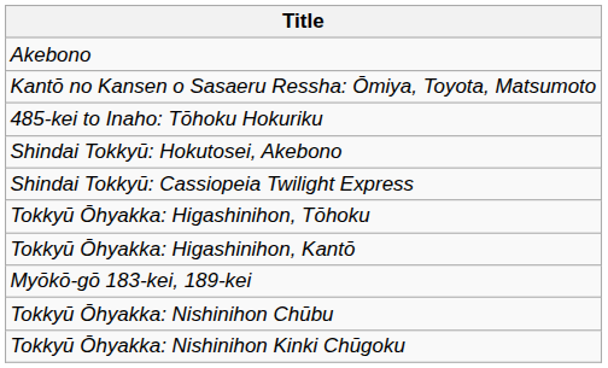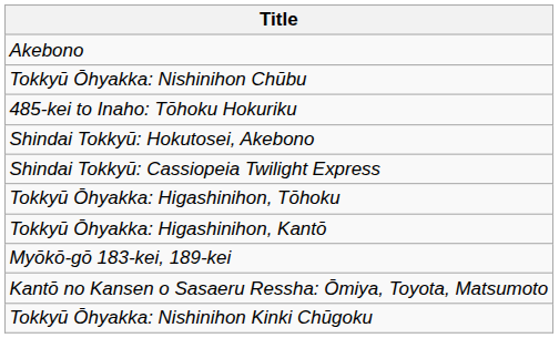 <table class="wikitable">
 <tr>
 <th>Title</th>
 </tr>
 <tr>
 <td><em>Akebono</em></td>
 </tr>
 <tr>
-<td><em>Kantō no Kansen o Sasaeru Ressha: Ōmiya, Toyota, Matsumoto</em></td>
+<td><em>Tokkyū Ōhyakka: Nishinihon Chūbu</em></td>
 </tr>
 <tr>
 <td><em>485-kei to Inaho: Tōhoku Hokuriku</em></td>
 </tr>
 <tr>
 <td><em>Shindai Tokkyū: Hokutosei, Akebono</em></td>
 </tr>
 <tr>
 <td><em>Shindai Tokkyū: Cassiopeia Twilight Express</em></td>
 </tr>
 <tr>
 <td><em>Tokkyū Ōhyakka: Higashinihon, Tōhoku</em></td>
 </tr>
 <tr>
 <td><em>Tokkyū Ōhyakka: Higashinihon, Kantō</em></td>
 </tr>
 <tr>
 <td><em>Myōkō-gō 183-kei, 189-kei</em></td>
 </tr>
 <tr>
-<td><em>Tokkyū Ōhyakka: Nishinihon Chūbu</em></td>
+<td><em>Kantō no Kansen o Sasaeru Ressha: Ōmiya, Toyota, Matsumoto</em></td>
 </tr>
 <tr>
 <td><em>Tokkyū Ōhyakka: Nishinihon Kinki Chūgoku</em></td>
 </tr>
 </table>
